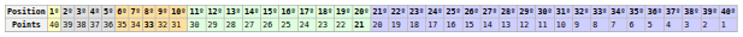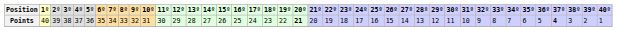 <table class="wikitable sortable" style="font-size:85%">
 <tr>
 <th>Position</th>
 <td style="background-color:#ffffbf"><strong>1º</strong></td>
 <td style="background-color:#dfdfdf"><strong>2º</strong></td>
 <td style="background-color:#dfdfdf"><strong>3º</strong></td>
 <td style="background-color:#dfdfdf"><strong>4º</strong></td>
 <td style="background-color:#dfdfdf"><strong>5º</strong></td>
 <td style="background-color:#ffdf9f"><strong>6º</strong></td>
 <td style="background-color:#ffdf9f"><strong>7º</strong></td>
 <td style="background-color:#ffdf9f"><strong>8º</strong></td>
 <td style="background-color:#ffdf9f"><strong>9º</strong></td>
 <td style="background-color:#ffdf9f"><strong>10º</strong></td>
 <td style="background-color:#dfffdf"><strong>11º</strong></td>
 <td style="background-color:#dfffdf"><strong>12º</strong></td>
 <td style="background-color:#dfffdf"><strong>13º</strong></td>
 <td style="background-color:#dfffdf"><strong>14º</strong></td>
 <td style="background-color:#dfffdf"><strong>15º</strong></td>
 <td style="background-color:#dfffdf"><strong>16º</strong></td>
 <td style="background-color:#dfffdf"><strong>17º</strong></td>
 <td style="background-color:#dfffdf"><strong>18º</strong></td>
 <td style="background-color:#dfffdf"><strong>19º</strong></td>
 <td style="background-color:#dfffdf"><strong>20º</strong></td>
 <td style="background-color:#cfcfff"><strong>21º</strong></td>
 <td style="background-color:#cfcfff"><strong>22º</strong></td>
 <td style="background-color:#cfcfff"><strong>23º</strong></td>
 <td style="background-color:#cfcfff"><strong>24º</strong></td>
 <td style="background-color:#cfcfff"><strong>25º</strong></td>
 <td style="background-color:#cfcfff"><strong>26º</strong></td>
 <td style="background-color:#cfcfff"><strong>27º</strong></td>
 <td style="background-color:#cfcfff"><strong>28º</strong></td>
 <td style="background-color:#cfcfff"><strong>29º</strong></td>
 <td style="background-color:#cfcfff"><strong>30º</strong></td>
 <td style="background-color:#cfcfff"><strong>31º</strong></td>
 <td style="background-color:#cfcfff"><strong>32º</strong></td>
 <td style="background-color:#cfcfff"><strong>33º</strong></td>
 <td style="background-color:#cfcfff"><strong>34º</strong></td>
 <td style="background-color:#cfcfff"><strong>35º</strong></td>
 <td style="background-color:#cfcfff"><strong>36º</strong></td>
 <td style="background-color:#cfcfff"><strong>37º</strong></td>
 <td style="background-color:#cfcfff"><strong>38º</strong></td>
 <td style="background-color:#cfcfff"><strong>39º</strong></td>
 <td style="background-color:#cfcfff"><strong>40º</strong></td>
 </tr>
 <tr>
 <th>Points</th>
 <td style="background-color:#ffffbf">40</td>
 <td style="background-color:#dfdfdf">39</td>
 <td style="background-color:#dfdfdf">38</td>
 <td style="background-color:#dfdfdf">37</td>
 <td style="background-color:#dfdfdf">36</td>
 <td style="background-color:#ffdf9f">35</td>
 <td style="background-color:#ffdf9f">34</td>
-<td style="background-color:#ffdf9f"><strong>33</strong></td>
+<td style="background-color:#ffdf9f">33</td>
 <td style="background-color:#ffdf9f">32</td>
 <td style="background-color:#ffdf9f">31</td>
 <td style="background-color:#dfffdf">30</td>
 <td style="background-color:#dfffdf">29</td>
 <td style="background-color:#dfffdf">28</td>
 <td style="background-color:#dfffdf">27</td>
 <td style="background-color:#dfffdf">26</td>
 <td style="background-color:#dfffdf">25</td>
 <td style="background-color:#dfffdf">24</td>
 <td style="background-color:#dfffdf">23</td>
 <td style="background-color:#dfffdf">22</td>
 <td style="background-color:#dfffdf"><strong>21</strong></td>
 <td style="background-color:#cfcfff">20</td>
 <td style="background-color:#cfcfff">19</td>
 <td style="background-color:#cfcfff">18</td>
 <td style="background-color:#cfcfff">17</td>
 <td style="background-color:#cfcfff">16</td>
 <td style="background-color:#cfcfff">15</td>
 <td style="background-color:#cfcfff">14</td>
 <td style="background-color:#cfcfff">13</td>
 <td style="background-color:#cfcfff">12</td>
 <td style="background-color:#cfcfff">11</td>
 <td style="background-color:#cfcfff">10</td>
 <td style="background-color:#cfcfff">9</td>
 <td style="background-color:#cfcfff">8</td>
 <td style="background-color:#cfcfff">7</td>
 <td style="background-color:#cfcfff">6</td>
 <td style="background-color:#cfcfff">5</td>
-<td style="background-color:#cfcfff">4</td>
+<td style="background-color:#cfcfff"><strong>4</strong></td>
 <td style="background-color:#cfcfff">3</td>
 <td style="background-color:#cfcfff">2</td>
 <td style="background-color:#cfcfff">1</td>
 </tr>
 <tr>
 </tr>
 </table>
